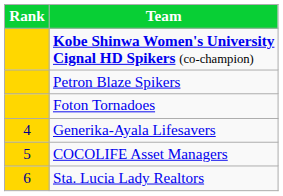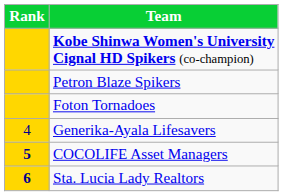 <table class="wikitable" style="text-align: center;">
 <tr>
 <th width=40 style="background:#08CF35; color:#FFFFFF;">Rank</th>
 <th style="background:#08CF35; color:#FFFFFF;">Team</th>
 </tr>
 <tr bgcolor=>
 <td style="background:#FFD700; color:#00008B;"></td>
 <td style="text-align:left;"><strong><a href='#'>Kobe Shinwa Women's University</a></strong><br><strong><a href='#'>Cignal HD Spikers</a></strong> <small>(co-champion)</small></td>
 </tr>
 <tr>
 <td style="background:#FFD700; color:#00008B;"></td>
 <td style="text-align:left;"><a href='#'>Petron Blaze Spikers</a></td>
 </tr>
 <tr>
 <td style="background:#FFD700; color:#00008B;"></td>
 <td style="text-align:left;"><a href='#'>Foton Tornadoes</a></td>
 </tr>
 <tr>
 <td style="background:#FFD700; color:#00008B;">4</td>
 <td style="text-align:left;"><a href='#'>Generika-Ayala Lifesavers</a></td>
 </tr>
 <tr>
-<td style="background:#FFD700; color:#00008B;">5</td>
+<td style="background:#FFD700; color:#00008B;"><strong>5</strong></td>
 <td style="text-align:left;"><a href='#'>COCOLIFE Asset Managers</a></td>
 </tr>
 <tr>
-<td style="background:#FFD700; color:#00008B;">6</td>
+<td style="background:#FFD700; color:#00008B;"><strong>6</strong></td>
 <td style="text-align:left;"><a href='#'>Sta. Lucia Lady Realtors</a></td>
 </tr>
 </table>
